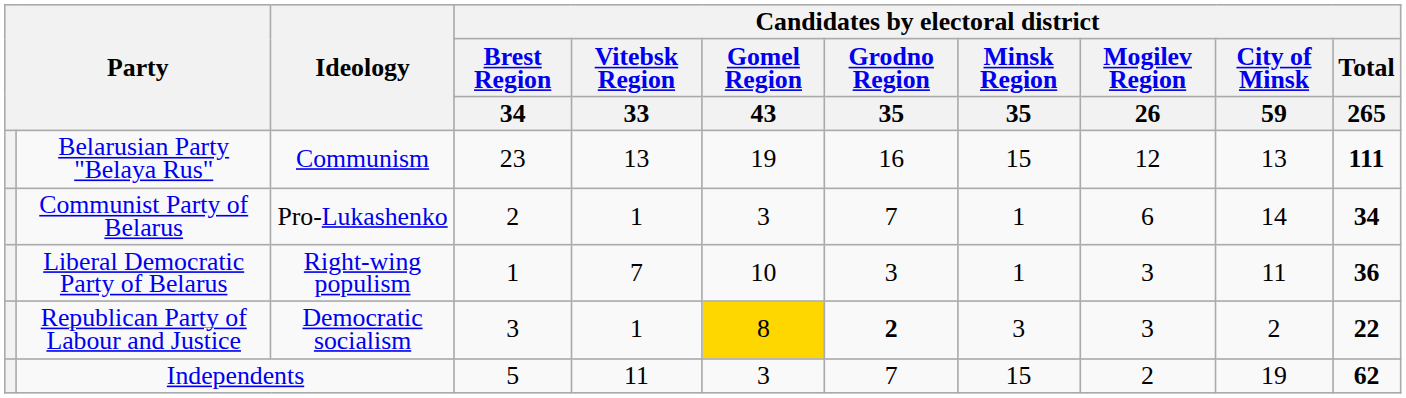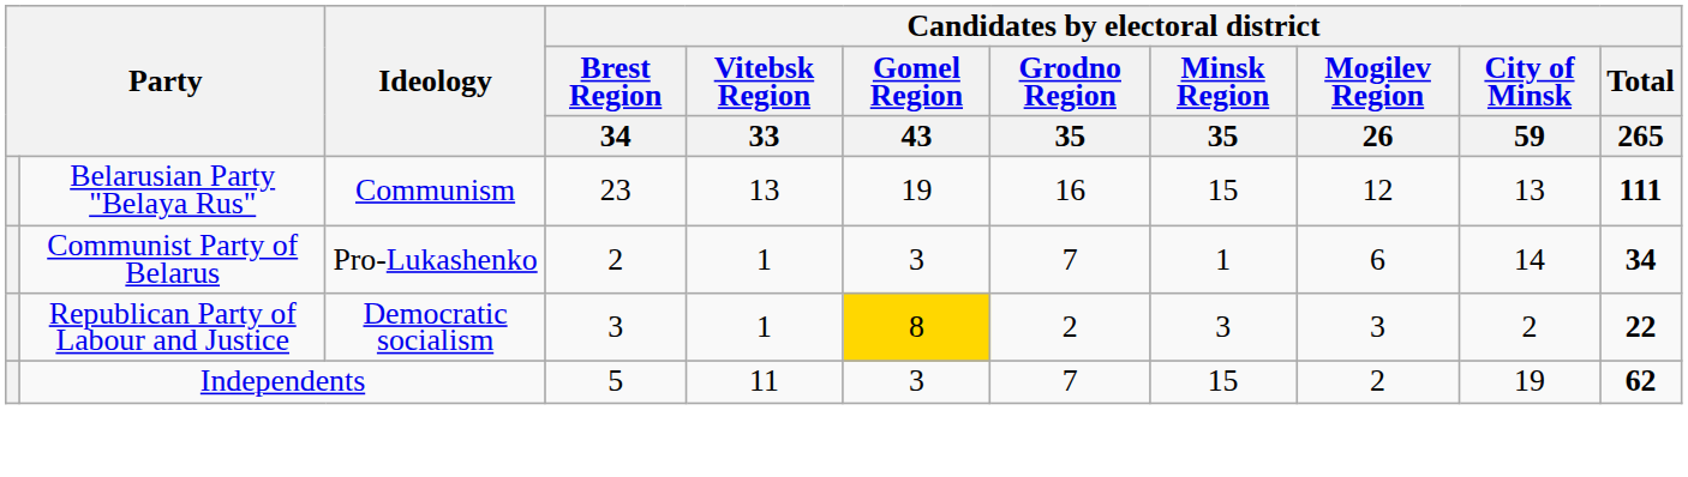 <table class="wikitable" style="line-height:14px; text-align:center">
 <tr>
 <th colspan="2" rowspan="3" style="width:100px">Party</th>
 <th rowspan="3">Ideology</th>
 <th colspan="8" style="width:120px">Candidates by electoral district</th>
 </tr>
 <tr>
 <th><a href='#'>Brest Region</a></th>
 <th><a href='#'>Vitebsk Region</a></th>
 <th><a href='#'>Gomel Region</a></th>
 <th><a href='#'>Grodno Region</a></th>
 <th><a href='#'>Minsk Region</a></th>
 <th><a href='#'>Mogilev Region</a></th>
 <th><a href='#'>City of Minsk</a></th>
 <th>Total</th>
 </tr>
 <tr>
 <th>34</th>
 <th>33</th>
 <th>43</th>
 <th>35</th>
 <th>35</th>
 <th>26</th>
 <th>59</th>
 <th>265</th>
 </tr>
 <tr>
 <th style="background:"></th>
 <td><a href='#'>Belarusian Party "Belaya Rus"</a></td>
 <td><a href='#'>Communism</a></td>
 <td>23</td>
 <td>13</td>
 <td>19</td>
 <td>16</td>
 <td>15</td>
 <td>12</td>
 <td>13</td>
 <td><strong>111</strong></td>
 </tr>
 <tr>
 <th style="background:"></th>
 <td><a href='#'>Communist Party of Belarus</a></td>
 <td>Pro-<a href='#'>Lukashenko</a></td>
 <td>2</td>
 <td>1</td>
 <td>3</td>
 <td>7</td>
 <td>1</td>
 <td>6</td>
 <td>14</td>
 <td><strong>34</strong></td>
 </tr>
 <tr>
 <th style="background:"></th>
-<td><a href='#'>Liberal Democratic Party of Belarus</a></td>
-<td><a href='#'>Right-wing populism</a></td>
-<td>1</td>
-<td>7</td>
-<td>10</td>
-<td>3</td>
-<td>1</td>
-<td>3</td>
-<td>11</td>
-<td><strong>36</strong></td>
-</tr>
-<tr>
-<th style="background:"></th>
 <td><a href='#'>Republican Party of Labour and Justice</a></td>
 <td><a href='#'>Democratic socialism</a></td>
 <td>3</td>
 <td>1</td>
 <td style="background: gold;">8</td>
-<td><strong>2</strong></td>
+<td>2</td>
 <td>3</td>
 <td>3</td>
 <td>2</td>
 <td><strong>22</strong></td>
 </tr>
 <tr>
 <th></th>
 <td colspan="2"><a href='#'>Independents</a></td>
 <td>5</td>
 <td>11</td>
 <td>3</td>
 <td>7</td>
 <td>15</td>
 <td>2</td>
 <td>19</td>
 <td><strong>62</strong></td>
 </tr>
 </table>
